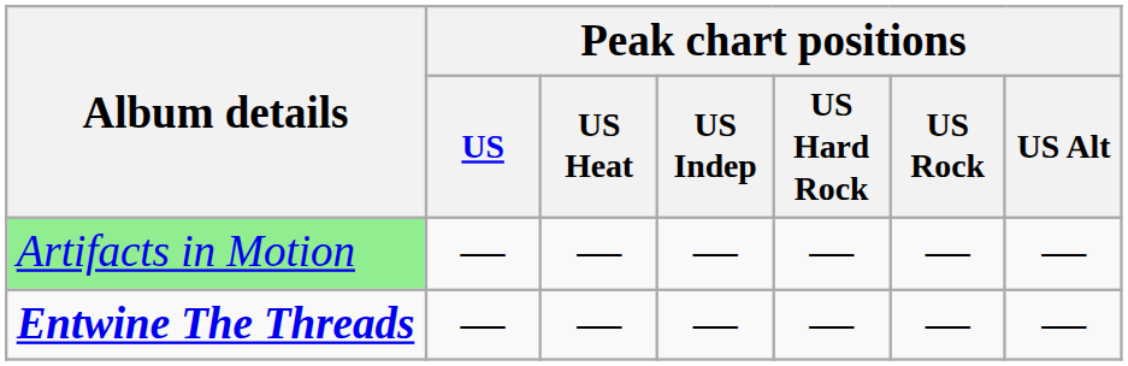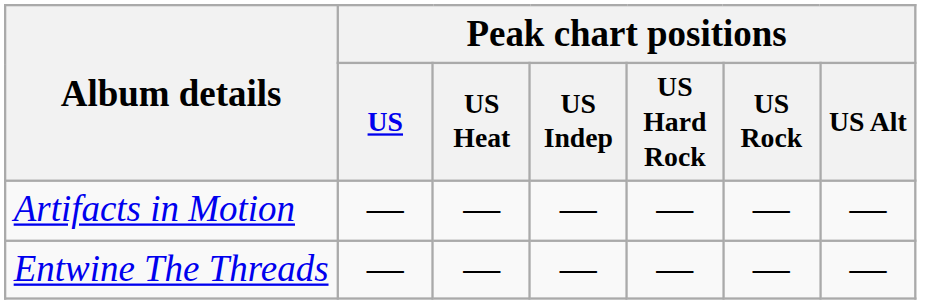 <table class="wikitable" style="text-align:center;">
 <tr>
 <th rowspan="2">Album details</th>
 <th colspan="19">Peak chart positions</th>
 </tr>
 <tr>
 <th style="width:3em;font-size:75%"><a href='#'>US</a></th>
 <th style="width:3em;font-size:75%">US Heat</th>
 <th style="width:3em;font-size:75%">US Indep</th>
 <th style="width:3em;font-size:75%">US Hard Rock</th>
 <th style="width:3em;font-size:75%">US Rock</th>
 <th style="width:3em;font-size:75%">US Alt</th>
 </tr>
 <tr>
-<td align=left style="background: lightgreen;"><em><a href='#'>Artifacts in Motion</a></em><br></td>
+<td align=left><em><a href='#'>Artifacts in Motion</a></em><br></td>
 <td>—</td>
 <td>—</td>
 <td>—</td>
 <td>—</td>
 <td>—</td>
 <td>—</td>
 </tr>
 <tr>
-<td align=left><strong><em><a href='#'>Entwine The Threads</a></em><br></strong></td>
+<td align=left><em><a href='#'>Entwine The Threads</a></em><br></td>
 <td>—</td>
 <td>—</td>
 <td>—</td>
 <td>—</td>
 <td>—</td>
 <td>—</td>
 </tr>
 </table>
